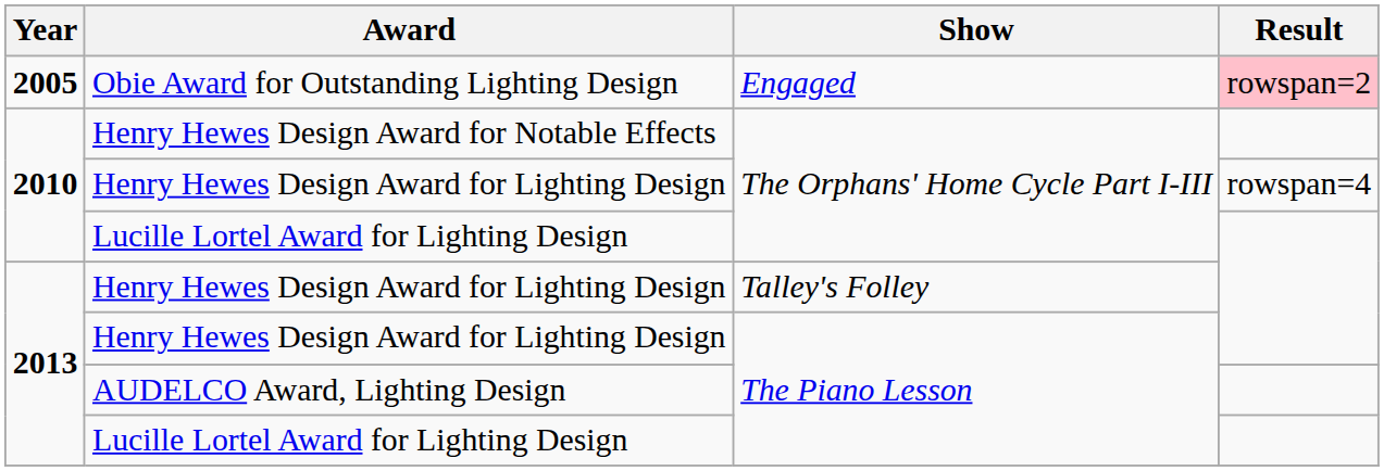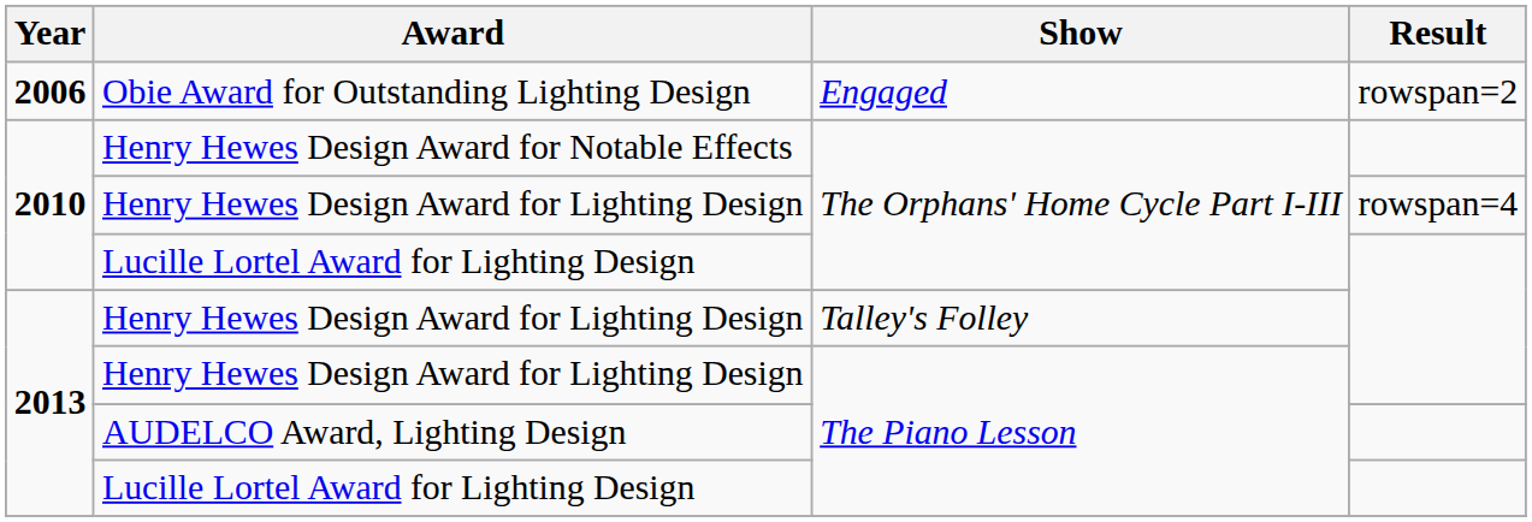 <table class="wikitable">
 <tr>
 <th>Year</th>
 <th>Award</th>
 <th>Show</th>
 <th>Result</th>
 </tr>
 <tr>
-<td><strong>2005</strong></td>
+<td><strong>2006</strong></td>
 <td><a href='#'>Obie Award</a> for Outstanding Lighting Design</td>
 <td><em><a href='#'>Engaged</a></em></td>
-<td style="background: pink;">rowspan=2 </td>
+<td>rowspan=2 </td>
 </tr>
 <tr>
 <td rowspan=3><strong>2010</strong></td>
 <td><a href='#'>Henry Hewes</a> Design Award for Notable Effects</td>
 <td rowspan=3><em>The Orphans' Home Cycle Part I-III</em></td>
 </tr>
 <tr>
 <td><a href='#'>Henry Hewes</a> Design Award for Lighting Design</td>
 <td>rowspan=4 </td>
 </tr>
 <tr>
 <td><a href='#'>Lucille Lortel Award</a> for Lighting Design</td>
 </tr>
 <tr>
 <td rowspan=4><strong>2013</strong></td>
 <td><a href='#'>Henry Hewes</a> Design Award for Lighting Design</td>
 <td><em>Talley's Folley</em></td>
 </tr>
 <tr>
 <td><a href='#'>Henry Hewes</a> Design Award for Lighting Design</td>
 <td rowspan=3><em><a href='#'>The Piano Lesson</a></em></td>
 </tr>
 <tr>
 <td><a href='#'>AUDELCO</a> Award, Lighting Design</td>
 <td></td>
 </tr>
 <tr>
 <td><a href='#'>Lucille Lortel Award</a> for Lighting Design</td>
 <td></td>
 </tr>
 </table>
